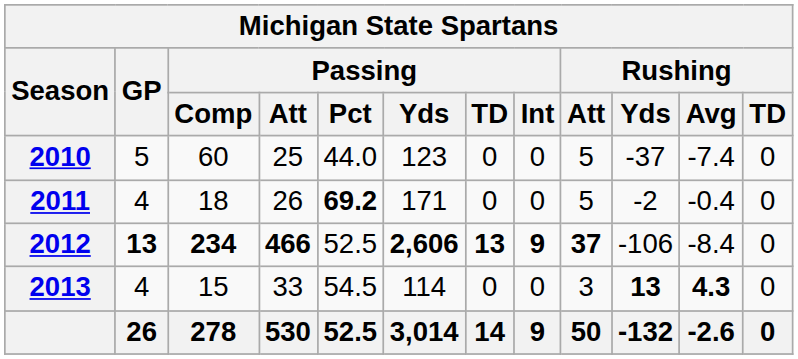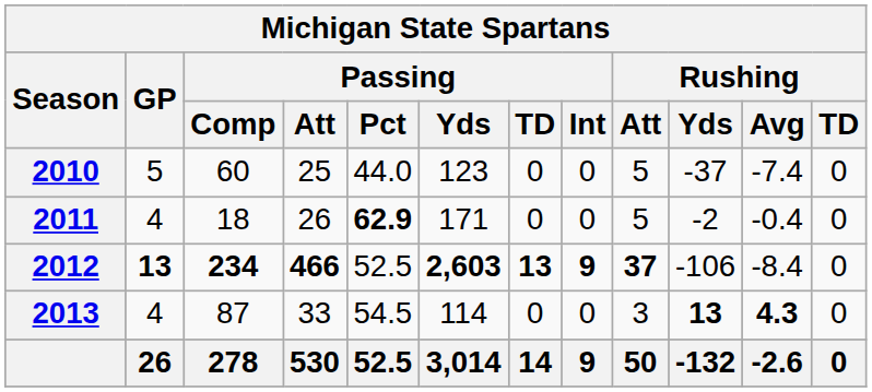 <table class="wikitable" style="text-align:center;">
 <tr>
 <th colspan="16">Michigan State Spartans</th>
 </tr>
 <tr>
 <th rowspan="2">Season</th>
 <th rowspan="2">GP</th>
 <th colspan="6">Passing</th>
 <th colspan="4">Rushing</th>
 </tr>
 <tr>
 <th>Comp</th>
 <th>Att</th>
 <th>Pct</th>
 <th>Yds</th>
 <th>TD</th>
 <th>Int</th>
 <th>Att</th>
 <th>Yds</th>
 <th>Avg</th>
 <th>TD</th>
 </tr>
 <tr>
 <th><a href='#'>2010</a></th>
 <td>5</td>
 <td>60</td>
 <td>25</td>
 <td>44.0</td>
 <td>123</td>
 <td>0</td>
 <td>0</td>
 <td>5</td>
 <td>-37</td>
 <td>-7.4</td>
 <td>0</td>
 </tr>
 <tr>
 <th><a href='#'>2011</a></th>
 <td>4</td>
 <td>18</td>
 <td>26</td>
-<td><strong>69.2</strong></td>
+<td><strong>62.9</strong></td>
 <td>171</td>
 <td>0</td>
 <td>0</td>
 <td>5</td>
 <td>-2</td>
 <td>-0.4</td>
 <td>0</td>
 </tr>
 <tr>
 <th><a href='#'>2012</a></th>
 <td><strong>13</strong></td>
 <td><strong>234</strong></td>
 <td><strong>466</strong></td>
 <td>52.5</td>
-<td><strong>2,606</strong></td>
+<td><strong>2,603</strong></td>
 <td><strong>13</strong></td>
 <td><strong>9</strong></td>
 <td><strong>37</strong></td>
 <td>-106</td>
 <td>-8.4</td>
 <td>0</td>
 </tr>
 <tr>
 <th><a href='#'>2013</a></th>
 <td>4</td>
-<td>15</td>
+<td>87</td>
 <td>33</td>
 <td>54.5</td>
 <td>114</td>
 <td>0</td>
 <td>0</td>
 <td>3</td>
 <td><strong>13</strong></td>
 <td><strong>4.3</strong></td>
 <td>0</td>
 </tr>
 <tr>
 <th></th>
 <th>26</th>
 <th>278</th>
 <th>530</th>
 <th>52.5</th>
 <th>3,014</th>
 <th>14</th>
 <th>9</th>
 <th>50</th>
 <th>-132</th>
 <th>-2.6</th>
 <th>0</th>
 </tr>
 </table>
